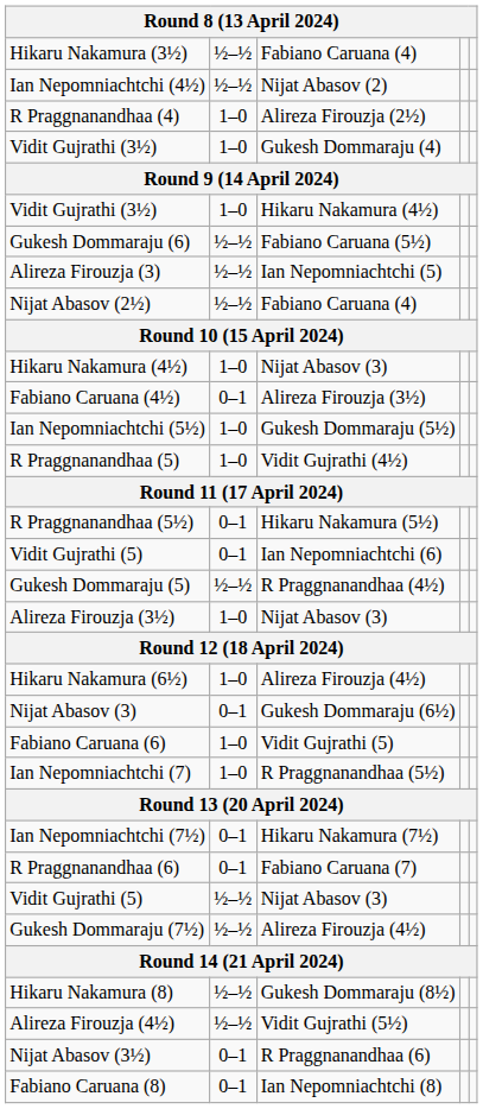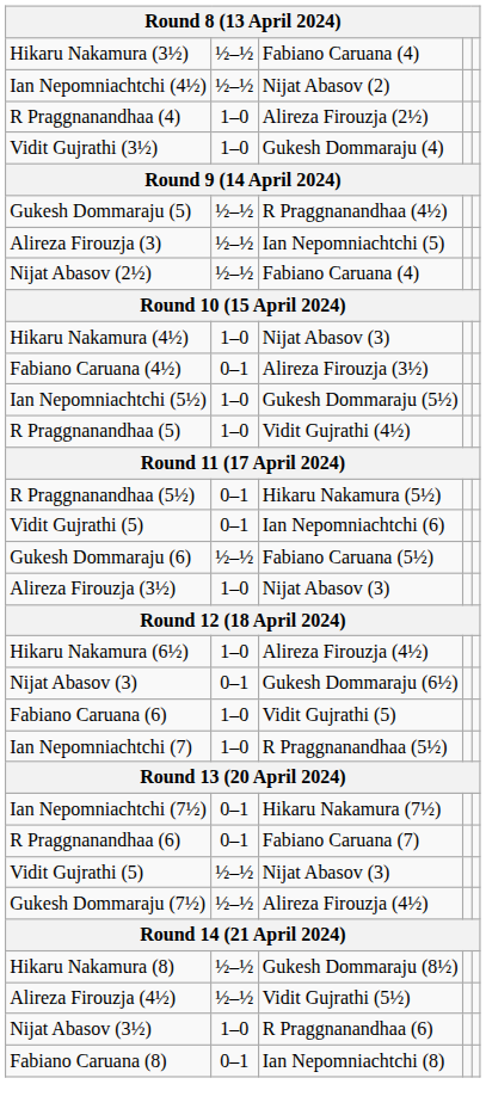 <table class="wikitable mw-collapsible" style="display:inline-table; font-size: 90%">
 <tr>
 <th colspan="5">Round 8 (13 April 2024)</th>
 </tr>
 <tr>
 <td>Hikaru Nakamura (3½)</td>
 <td style="text-align: center";>½–½</td>
 <td>Fabiano Caruana (4)</td>
 <td></td>
 <td></td>
 </tr>
 <tr>
 <td>Ian Nepomniachtchi (4½)</td>
 <td style="text-align: center";>½–½</td>
 <td>Nijat Abasov (2)</td>
 <td></td>
 <td></td>
 </tr>
 <tr>
 <td>R Praggnanandhaa (4)</td>
 <td style="text-align: center";>1–0</td>
 <td>Alireza Firouzja (2½)</td>
 <td></td>
 <td></td>
 </tr>
 <tr>
 <td>Vidit Gujrathi (3½)</td>
 <td style="text-align: center" ;>1–0</td>
 <td>Gukesh Dommaraju (4)</td>
 <td></td>
 <td></td>
 </tr>
 <tr>
 <th colspan="5">Round 9 (14 April 2024)</th>
 </tr>
 <tr>
-<td>Vidit Gujrathi (3½)</td>
-<td style="text-align: center";>1–0</td>
-<td>Hikaru Nakamura (4½)</td>
-<td></td>
-<td></td>
-</tr>
-<tr>
-<td>Gukesh Dommaraju (6)</td>
+<td>Gukesh Dommaraju (5)</td>
 <td style="text-align: center";>½–½</td>
-<td>Fabiano Caruana (5½)</td>
+<td>R Praggnanandhaa (4½)</td>
 <td></td>
 <td></td>
 </tr>
 <tr>
 <td>Alireza Firouzja (3)</td>
 <td style="text-align: center";>½–½</td>
 <td>Ian Nepomniachtchi (5)</td>
 <td></td>
 <td></td>
 </tr>
 <tr>
 <td>Nijat Abasov (2½)</td>
 <td style="text-align: center";>½–½</td>
 <td>Fabiano Caruana (4)</td>
 <td></td>
 <td></td>
 </tr>
 <tr>
 <th colspan="5">Round 10 (15 April 2024)</th>
 </tr>
 <tr>
 <td>Hikaru Nakamura (4½)</td>
 <td style="text-align: center";>1–0</td>
 <td>Nijat Abasov (3)</td>
 <td></td>
 <td></td>
 </tr>
 <tr>
 <td>Fabiano Caruana (4½)</td>
 <td style="text-align: center";>0–1</td>
 <td>Alireza Firouzja (3½)</td>
 <td></td>
 <td></td>
 </tr>
 <tr>
 <td>Ian Nepomniachtchi (5½)</td>
 <td style="text-align: center" ;>1–0</td>
 <td>Gukesh Dommaraju (5½)</td>
 <td></td>
 <td></td>
 </tr>
 <tr>
 <td>R Praggnanandhaa (5)</td>
 <td style="text-align: center";>1–0</td>
 <td>Vidit Gujrathi (4½)</td>
 <td></td>
 <td></td>
 </tr>
 <tr>
 <th colspan="5">Round 11 (17 April 2024)</th>
 </tr>
 <tr>
 <td>R Praggnanandhaa (5½)</td>
 <td style="text-align: center";>0–1</td>
 <td>Hikaru Nakamura (5½)</td>
 <td></td>
 <td></td>
 </tr>
 <tr>
 <td>Vidit Gujrathi (5)</td>
 <td style="text-align: center";>0–1</td>
 <td>Ian Nepomniachtchi (6)</td>
 <td></td>
 <td></td>
 </tr>
 <tr>
-<td>Gukesh Dommaraju (5)</td>
+<td>Gukesh Dommaraju (6)</td>
 <td style="text-align: center";>½–½</td>
-<td>R Praggnanandhaa (4½)</td>
+<td>Fabiano Caruana (5½)</td>
 <td></td>
 <td></td>
 </tr>
 <tr>
 <td>Alireza Firouzja (3½)</td>
 <td style="text-align: center";>1–0</td>
 <td>Nijat Abasov (3)</td>
 <td></td>
 <td></td>
 </tr>
 <tr>
 <th colspan="5">Round 12 (18 April 2024)</th>
 </tr>
 <tr>
 <td>Hikaru Nakamura (6½)</td>
 <td style="text-align: center";>1–0</td>
 <td>Alireza Firouzja (4½)</td>
 <td></td>
 <td></td>
 </tr>
 <tr>
 <td>Nijat Abasov (3)</td>
 <td style="text-align: center";>0–1</td>
 <td>Gukesh Dommaraju (6½)</td>
 <td></td>
 <td></td>
 </tr>
 <tr>
 <td>Fabiano Caruana (6)</td>
 <td style="text-align: center";>1–0</td>
 <td>Vidit Gujrathi (5)</td>
 <td></td>
 <td></td>
 </tr>
 <tr>
 <td>Ian Nepomniachtchi (7)</td>
 <td style="text-align: center" ;>1–0</td>
 <td>R Praggnanandhaa (5½)</td>
 <td></td>
 <td></td>
 </tr>
 <tr>
 <th colspan="5">Round 13 (20 April 2024)</th>
 </tr>
 <tr>
 <td>Ian Nepomniachtchi (7½)</td>
 <td style="text-align: center";>0–1</td>
 <td>Hikaru Nakamura (7½)</td>
 <td></td>
 <td></td>
 </tr>
 <tr>
 <td>R Praggnanandhaa (6)</td>
 <td style="text-align: center" ;>0–1</td>
 <td>Fabiano Caruana (7)</td>
 <td></td>
 <td></td>
 </tr>
 <tr>
 <td>Vidit Gujrathi (5)</td>
 <td style="text-align: center" ;>½–½</td>
 <td>Nijat Abasov (3)</td>
 <td></td>
 <td></td>
 </tr>
 <tr>
 <td>Gukesh Dommaraju (7½)</td>
 <td style="text-align: center";>½–½</td>
 <td>Alireza Firouzja (4½)</td>
 <td></td>
 <td></td>
 </tr>
 <tr>
 <th colspan="5">Round 14 (21 April 2024)</th>
 </tr>
 <tr>
 <td>Hikaru Nakamura (8)</td>
 <td style="text-align: center";>½–½</td>
 <td>Gukesh Dommaraju (8½)</td>
 <td></td>
 <td></td>
 </tr>
 <tr>
 <td>Alireza Firouzja (4½)</td>
 <td style="text-align: center";>½–½</td>
 <td>Vidit Gujrathi (5½)</td>
 <td></td>
 <td></td>
 </tr>
 <tr>
 <td>Nijat Abasov (3½)</td>
-<td style="text-align: center";>0–1</td>
+<td style="text-align: center" ;>1–0</td>
 <td>R Praggnanandhaa (6)</td>
 <td></td>
 <td></td>
 </tr>
 <tr>
 <td>Fabiano Caruana (8)</td>
 <td style="text-align: center";>0–1</td>
 <td>Ian Nepomniachtchi (8)</td>
 <td></td>
 <td></td>
 </tr>
 </table>
